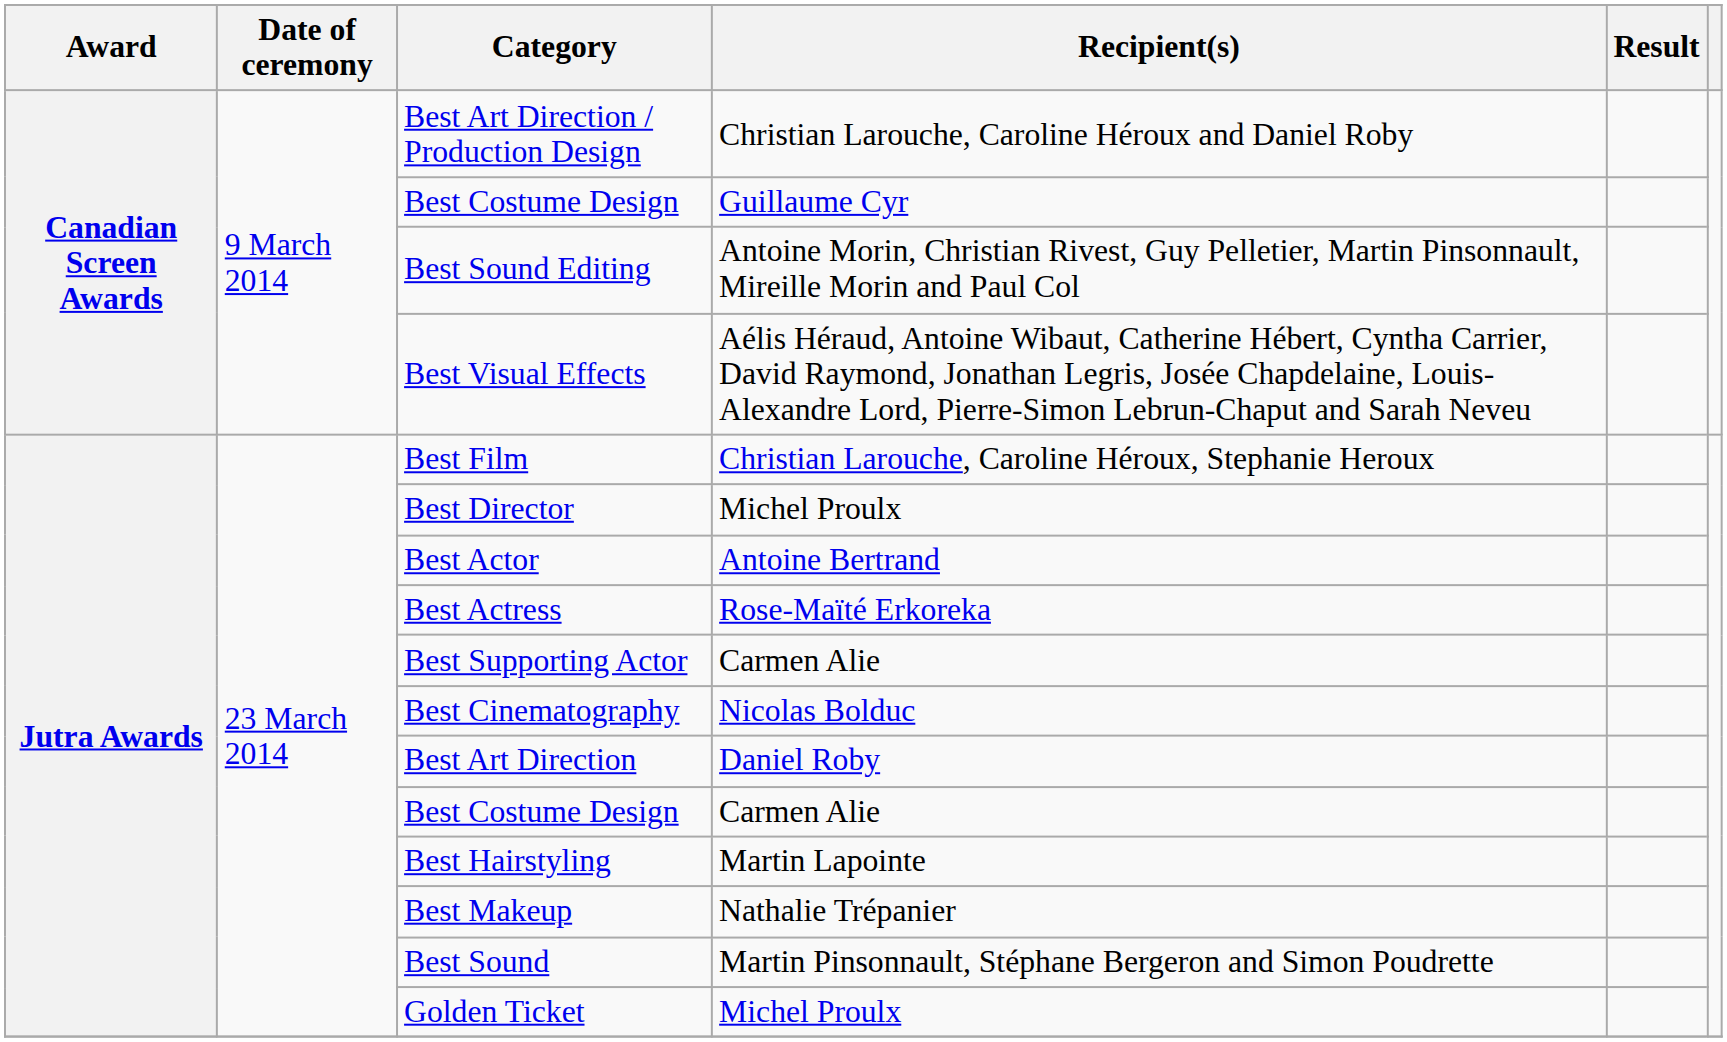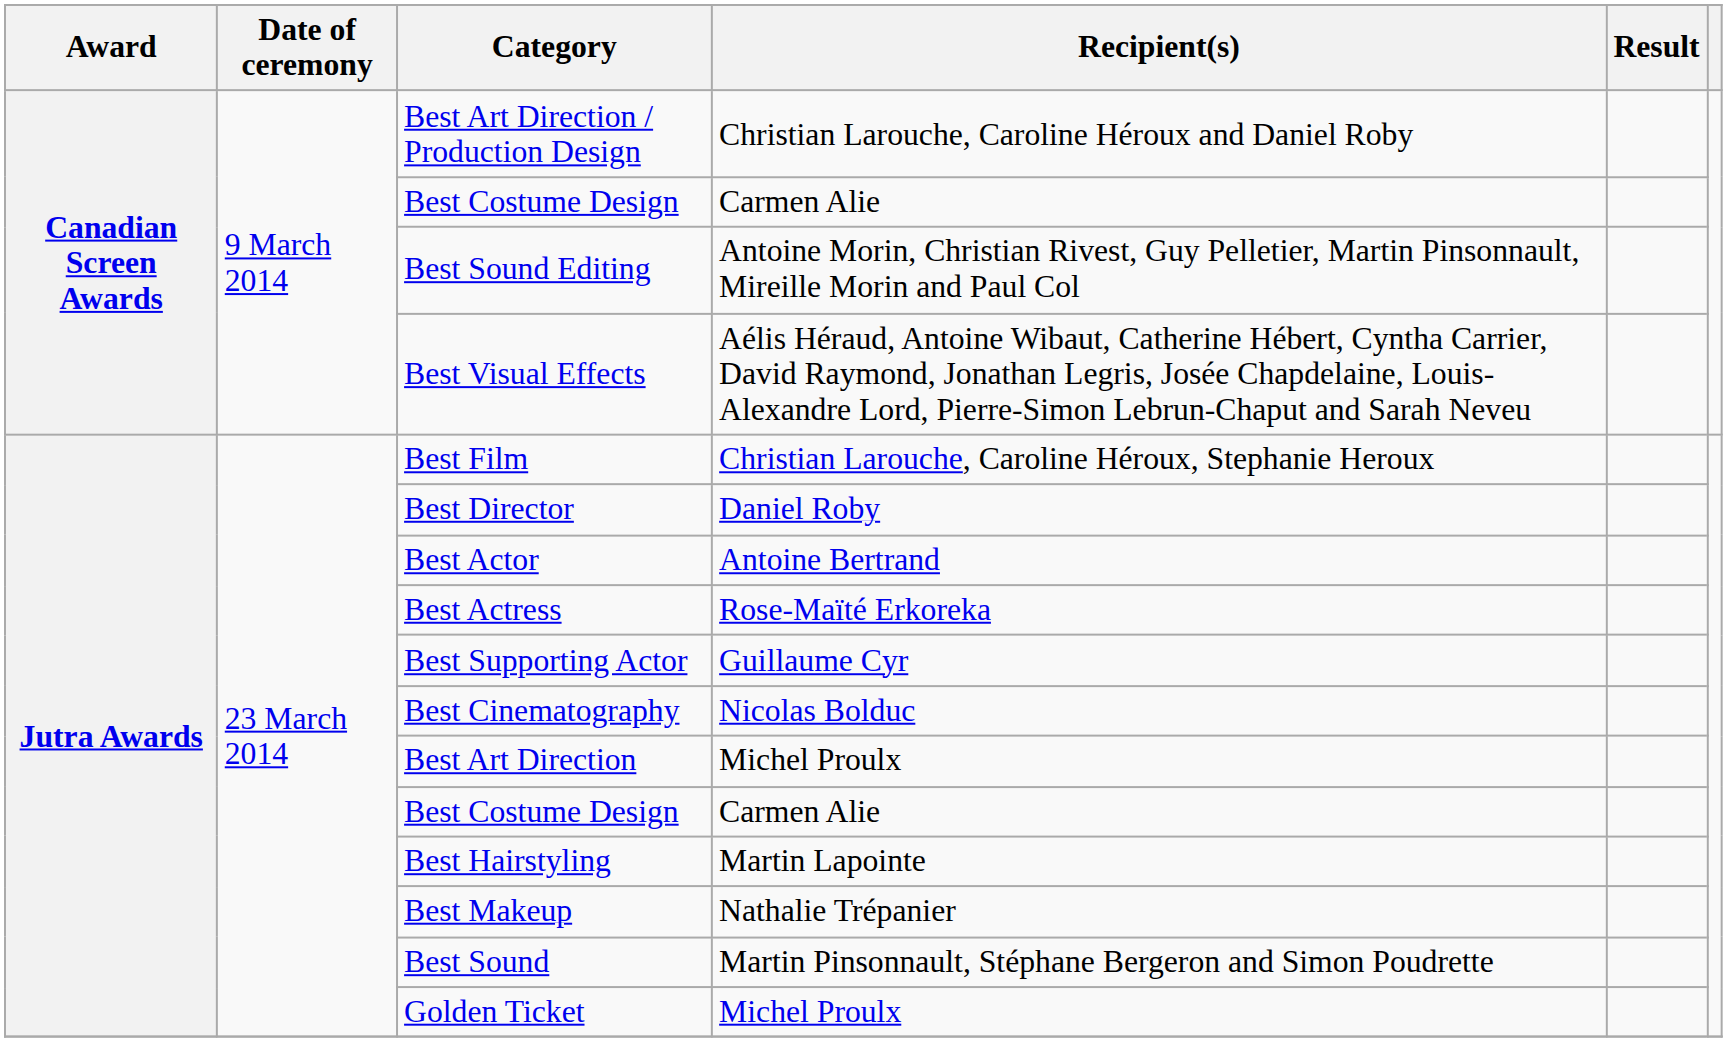 <table class="wikitable plainrowheaders sortable">
 <tr>
 <th scope="col">Award</th>
 <th scope="col">Date of ceremony</th>
 <th scope="col">Category</th>
 <th scope="col">Recipient(s)</th>
 <th scope="col">Result</th>
 <th scope="col" class="unsortable"></th>
 </tr>
 <tr>
 <th scope="row" rowspan=4><a href='#'>Canadian Screen Awards</a></th>
 <td rowspan="4"><a href='#'>9 March 2014</a></td>
 <td><a href='#'>Best Art Direction / Production Design</a></td>
 <td>Christian Larouche, Caroline Héroux and Daniel Roby</td>
 <td></td>
 <td rowspan="4"></td>
 </tr>
 <tr>
 <td><a href='#'>Best Costume Design</a></td>
-<td><a href='#'>Guillaume Cyr</a></td>
+<td>Carmen Alie</td>
 <td></td>
 </tr>
 <tr>
 <td><a href='#'>Best Sound Editing</a></td>
 <td>Antoine Morin, Christian Rivest, Guy Pelletier, Martin Pinsonnault, Mireille Morin and Paul Col</td>
 <td></td>
 </tr>
 <tr>
 <td><a href='#'>Best Visual Effects</a></td>
 <td>Aélis Héraud, Antoine Wibaut, Catherine Hébert, Cyntha Carrier, David Raymond, Jonathan Legris, Josée Chapdelaine, Louis-Alexandre Lord, Pierre-Simon Lebrun-Chaput and Sarah Neveu</td>
 <td></td>
 </tr>
 <tr>
 <th scope="row" rowspan=12><a href='#'>Jutra Awards</a></th>
 <td rowspan="12"><a href='#'>23 March 2014</a></td>
 <td><a href='#'>Best Film</a></td>
 <td><a href='#'>Christian Larouche</a>, Caroline Héroux, Stephanie Heroux</td>
 <td></td>
 <td rowspan="12"></td>
 </tr>
 <tr>
 <td><a href='#'>Best Director</a></td>
-<td>Michel Proulx</td>
+<td><a href='#'>Daniel Roby</a></td>
 <td></td>
 </tr>
 <tr>
 <td><a href='#'>Best Actor</a></td>
 <td><a href='#'>Antoine Bertrand</a></td>
 <td></td>
 </tr>
 <tr>
 <td><a href='#'>Best Actress</a></td>
 <td><a href='#'>Rose-Maïté Erkoreka</a></td>
 <td></td>
 </tr>
 <tr>
 <td><a href='#'>Best Supporting Actor</a></td>
-<td>Carmen Alie</td>
+<td><a href='#'>Guillaume Cyr</a></td>
 <td></td>
 </tr>
 <tr>
 <td><a href='#'>Best Cinematography</a></td>
 <td><a href='#'>Nicolas Bolduc</a></td>
 <td></td>
 </tr>
 <tr>
 <td><a href='#'>Best Art Direction</a></td>
-<td><a href='#'>Daniel Roby</a></td>
+<td>Michel Proulx</td>
 <td></td>
 </tr>
 <tr>
 <td><a href='#'>Best Costume Design</a></td>
 <td>Carmen Alie</td>
 <td></td>
 </tr>
 <tr>
 <td><a href='#'>Best Hairstyling</a></td>
 <td>Martin Lapointe</td>
 <td></td>
 </tr>
 <tr>
 <td><a href='#'>Best Makeup</a></td>
 <td>Nathalie Trépanier</td>
 <td></td>
 </tr>
 <tr>
 <td><a href='#'>Best Sound</a></td>
 <td>Martin Pinsonnault, Stéphane Bergeron and Simon Poudrette</td>
 <td></td>
 </tr>
 <tr>
 <td><a href='#'>Golden Ticket</a></td>
 <td><a href='#'>Michel Proulx</a></td>
 <td></td>
 </tr>
 <tr>
 </tr>
 </table>
